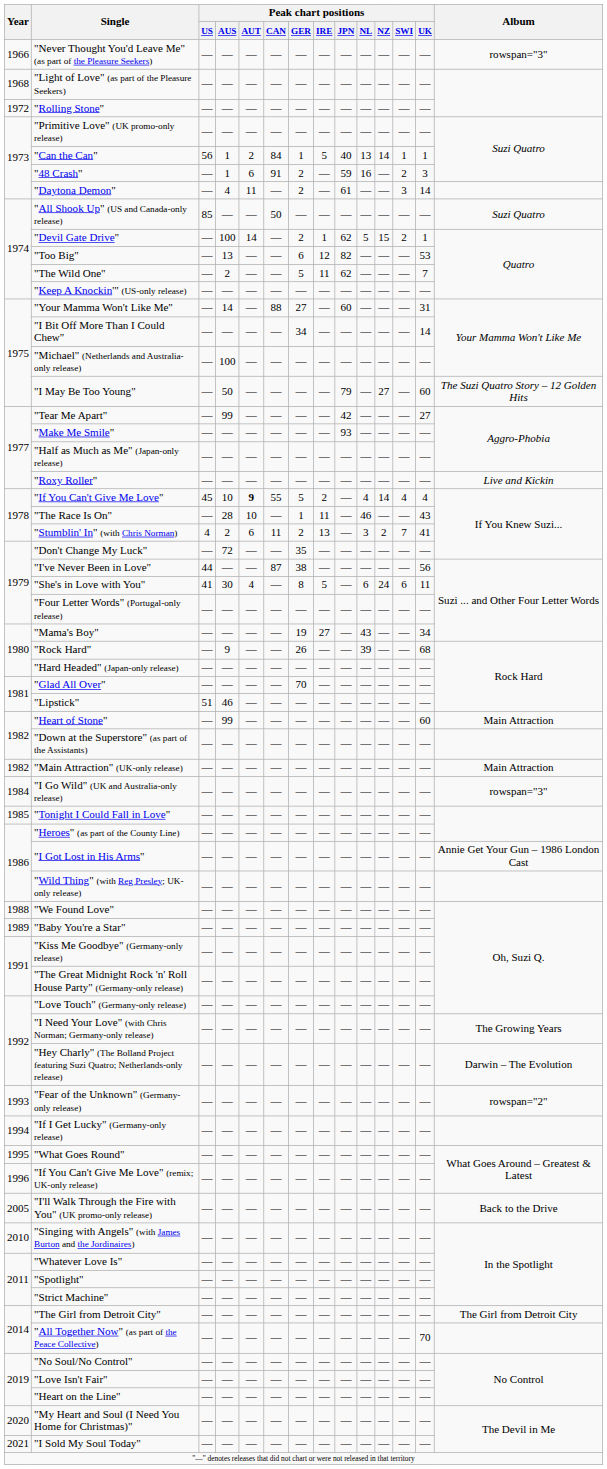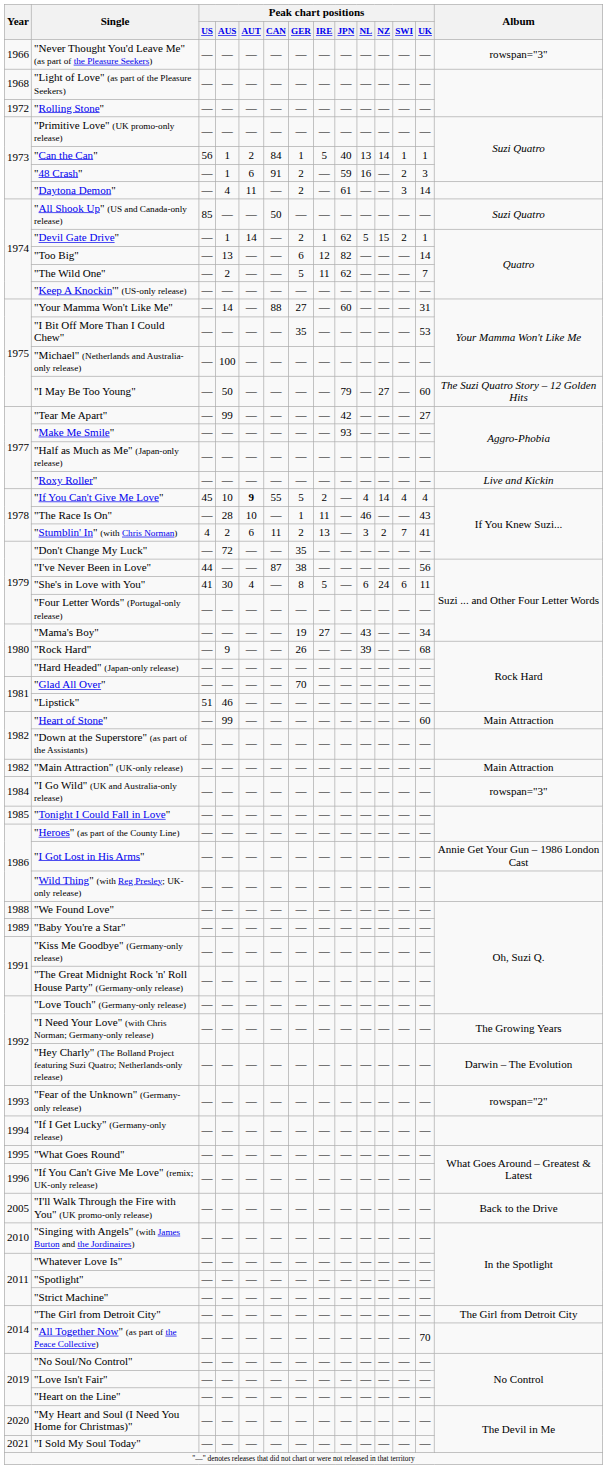 <table class="wikitable" style="text-align:center">
 <tr>
 <th rowspan="2">Year</th>
 <th rowspan="2" style="width:17em;">Single</th>
 <th colspan="11">Peak chart positions</th>
 <th rowspan="2" style="width:17em;">Album</th>
 </tr>
 <tr>
 <th><small><a href='#'>US</a></small><br></th>
 <th><small><a href='#'>AUS</a></small><br></th>
 <th><small><a href='#'>AUT</a></small><br></th>
 <th><small><a href='#'>CAN</a></small><br></th>
 <th><small><a href='#'>GER</a></small><br></th>
 <th><small><a href='#'>IRE</a></small><br></th>
 <th><small><a href='#'>JPN</a></small><br></th>
 <th><small><a href='#'>NL</a></small><br></th>
 <th><small><a href='#'>NZ</a></small><br></th>
 <th><small><a href='#'>SWI</a></small><br></th>
 <th><small><a href='#'>UK</a></small><br></th>
 </tr>
 <tr>
 <td>1966</td>
 <td align="left">"Never Thought You'd Leave Me" <small>(as part of <a href='#'>the Pleasure Seekers</a>)</small></td>
 <td>—</td>
 <td>—</td>
 <td>—</td>
 <td>—</td>
 <td>—</td>
 <td>—</td>
 <td>—</td>
 <td>—</td>
 <td>—</td>
 <td>—</td>
 <td>—</td>
 <td>rowspan="3" </td>
 </tr>
 <tr>
 <td>1968</td>
 <td align="left">"Light of Love" <small>(as part of the Pleasure Seekers)</small></td>
 <td>—</td>
 <td>—</td>
 <td>—</td>
 <td>—</td>
 <td>—</td>
 <td>—</td>
 <td>—</td>
 <td>—</td>
 <td>—</td>
 <td>—</td>
 <td>—</td>
 </tr>
 <tr>
 <td>1972</td>
 <td align="left">"<a href='#'>Rolling Stone</a>"</td>
 <td>—</td>
 <td>—</td>
 <td>—</td>
 <td>—</td>
 <td>—</td>
 <td>—</td>
 <td>—</td>
 <td>—</td>
 <td>—</td>
 <td>—</td>
 <td>—</td>
 </tr>
 <tr>
 <td rowspan="4">1973</td>
 <td align="left">"Primitive Love" <small>(UK promo-only release)</small></td>
 <td>—</td>
 <td>—</td>
 <td>—</td>
 <td>—</td>
 <td>—</td>
 <td>—</td>
 <td>—</td>
 <td>—</td>
 <td>—</td>
 <td>—</td>
 <td>—</td>
 <td rowspan="3"><em>Suzi Quatro</em></td>
 </tr>
 <tr>
 <td align="left">"<a href='#'>Can the Can</a>"</td>
 <td>56</td>
 <td>1</td>
 <td>2</td>
 <td>84</td>
 <td>1</td>
 <td>5</td>
 <td>40</td>
 <td>13</td>
 <td>14</td>
 <td>1</td>
 <td>1</td>
 </tr>
 <tr>
 <td align="left">"<a href='#'>48 Crash</a>"</td>
 <td>—</td>
 <td>1</td>
 <td>6</td>
 <td>91</td>
 <td>2</td>
 <td>—</td>
 <td>59</td>
 <td>16</td>
 <td>—</td>
 <td>2</td>
 <td>3</td>
 </tr>
 <tr>
 <td align="left">"<a href='#'>Daytona Demon</a>"</td>
 <td>—</td>
 <td>4</td>
 <td>11</td>
 <td>—</td>
 <td>2</td>
 <td>—</td>
 <td>61</td>
 <td>—</td>
 <td>—</td>
 <td>3</td>
 <td>14</td>
 <td></td>
 </tr>
 <tr>
 <td rowspan="5">1974</td>
 <td align="left">"<a href='#'>All Shook Up</a>" <small>(US and Canada-only release)</small></td>
 <td>85</td>
 <td>—</td>
 <td>—</td>
 <td>50</td>
 <td>—</td>
 <td>—</td>
 <td>—</td>
 <td>—</td>
 <td>—</td>
 <td>—</td>
 <td>—</td>
 <td><em>Suzi Quatro</em></td>
 </tr>
 <tr>
 <td align="left">"<a href='#'>Devil Gate Drive</a>"</td>
 <td>—</td>
-<td>100</td>
+<td>1</td>
 <td>14</td>
 <td>—</td>
 <td>2</td>
 <td>1</td>
 <td>62</td>
 <td>5</td>
 <td>15</td>
 <td>2</td>
 <td>1</td>
 <td rowspan="4"><em>Quatro</em></td>
 </tr>
 <tr>
 <td align="left">"Too Big"</td>
 <td>—</td>
 <td>13</td>
 <td>—</td>
 <td>—</td>
 <td>6</td>
 <td>12</td>
 <td>82</td>
 <td>—</td>
 <td>—</td>
 <td>—</td>
-<td>53</td>
+<td>14</td>
 </tr>
 <tr>
 <td align="left">"The Wild One"</td>
 <td>—</td>
 <td>2</td>
 <td>—</td>
 <td>—</td>
 <td>5</td>
 <td>11</td>
 <td>62</td>
 <td>—</td>
 <td>—</td>
 <td>—</td>
 <td>7</td>
 </tr>
 <tr>
 <td align="left">"<a href='#'>Keep A Knockin</a>'" <small>(US-only release)</small></td>
 <td>—</td>
 <td>—</td>
 <td>—</td>
 <td>—</td>
 <td>—</td>
 <td>—</td>
 <td>—</td>
 <td>—</td>
 <td>—</td>
 <td>—</td>
 <td>—</td>
 </tr>
 <tr>
 <td rowspan="4">1975</td>
 <td align="left">"Your Mamma Won't Like Me"</td>
 <td>—</td>
 <td>14</td>
 <td>—</td>
 <td>88</td>
 <td>27</td>
 <td>—</td>
 <td>60</td>
 <td>—</td>
 <td>—</td>
 <td>—</td>
 <td>31</td>
 <td rowspan="3"><em>Your Mamma Won't Like Me</em></td>
 </tr>
 <tr>
 <td align="left">"I Bit Off More Than I Could Chew"</td>
 <td>—</td>
 <td>—</td>
 <td>—</td>
 <td>—</td>
-<td>34</td>
+<td>35</td>
 <td>—</td>
 <td>—</td>
 <td>—</td>
 <td>—</td>
 <td>—</td>
-<td>14</td>
+<td>53</td>
 </tr>
 <tr>
 <td align="left">"Michael" <small>(Netherlands and Australia-only release)</small></td>
 <td>—</td>
 <td>100</td>
 <td>—</td>
 <td>—</td>
 <td>—</td>
 <td>—</td>
 <td>—</td>
 <td>—</td>
 <td>—</td>
 <td>—</td>
 <td>—</td>
 </tr>
 <tr>
 <td align="left">"I May Be Too Young"</td>
 <td>—</td>
 <td>50</td>
 <td>—</td>
 <td>—</td>
 <td>—</td>
 <td>—</td>
 <td>79</td>
 <td>—</td>
 <td>27</td>
 <td>—</td>
 <td>60</td>
 <td><em>The Suzi Quatro Story – 12 Golden Hits</em></td>
 </tr>
 <tr>
 <td rowspan="4">1977</td>
 <td align="left">"Tear Me Apart"</td>
 <td>—</td>
 <td>99</td>
 <td>—</td>
 <td>—</td>
 <td>—</td>
 <td>—</td>
 <td>42</td>
 <td>—</td>
 <td>—</td>
 <td>—</td>
 <td>27</td>
 <td rowspan="3"><em>Aggro-Phobia</em></td>
 </tr>
 <tr>
 <td align="left">"<a href='#'>Make Me Smile</a>"</td>
 <td>—</td>
 <td>—</td>
 <td>—</td>
 <td>—</td>
 <td>—</td>
 <td>—</td>
 <td>93</td>
 <td>—</td>
 <td>—</td>
 <td>—</td>
 <td>—</td>
 </tr>
 <tr>
 <td align="left">"Half as Much as Me" <small>(Japan-only release)</small></td>
 <td>—</td>
 <td>—</td>
 <td>—</td>
 <td>—</td>
 <td>—</td>
 <td>—</td>
 <td>—</td>
 <td>—</td>
 <td>—</td>
 <td>—</td>
 <td>—</td>
 </tr>
 <tr>
 <td align="left">"<a href='#'>Roxy Roller</a>"</td>
 <td>—</td>
 <td>—</td>
 <td>—</td>
 <td>—</td>
 <td>—</td>
 <td>—</td>
 <td>—</td>
 <td>—</td>
 <td>—</td>
 <td>—</td>
 <td>—</td>
 <td><em>Live and Kickin<strong></td>
 </tr>
 <tr>
 <td rowspan="3">1978</td>
 <td align="left">"<a href='#'>If You Can't Give Me Love</a>"</td>
 <td>45</td>
 <td>10</td>
 <td><strong>9</strong></td>
 <td>55</td>
 <td>5</td>
 <td>2</td>
 <td>—</td>
 <td>4</td>
 <td>14</td>
 <td>4</td>
 <td>4</td>
 <td rowspan="4"></em>If You Knew Suzi...<em></td>
 </tr>
 <tr>
 <td align="left">"The Race Is On"</td>
 <td>—</td>
 <td>28</td>
 <td>10</td>
 <td>—</td>
 <td>1</td>
 <td>11</td>
 <td>—</td>
 <td>46</td>
 <td>—</td>
 <td>—</td>
 <td>43</td>
 </tr>
 <tr>
 <td align="left">"<a href='#'>Stumblin' In</a>" <small>(with <a href='#'>Chris Norman</a>)</small></td>
 <td>4</td>
 <td>2</td>
 <td>6</td>
 <td>11</td>
 <td>2</td>
 <td>13</td>
 <td>—</td>
 <td>3</td>
 <td>2</td>
 <td>7</td>
 <td>41</td>
 </tr>
 <tr>
 <td rowspan="4">1979</td>
 <td align="left">"Don't Change My Luck"</td>
 <td>—</td>
 <td>72</td>
 <td>—</td>
 <td>—</td>
 <td>35</td>
 <td>—</td>
 <td>—</td>
 <td>—</td>
 <td>—</td>
 <td>—</td>
 <td>—</td>
 </tr>
 <tr>
 <td align="left">"I've Never Been in Love"</td>
 <td>44</td>
 <td>—</td>
 <td>—</td>
 <td>87</td>
 <td>38</td>
 <td>—</td>
 <td>—</td>
 <td>—</td>
 <td>—</td>
 <td>—</td>
 <td>56</td>
 <td rowspan="4"></em>Suzi ... and Other Four Letter Words<em></td>
 </tr>
 <tr>
 <td align="left">"She's in Love with You"</td>
 <td>41</td>
 <td>30</td>
 <td>4</td>
 <td>—</td>
 <td>8</td>
 <td>5</td>
 <td>—</td>
 <td>6</td>
 <td>24</td>
 <td>6</td>
 <td>11</td>
 </tr>
 <tr>
 <td align="left">"Four Letter Words" <small>(Portugal-only release)</small></td>
 <td>—</td>
 <td>—</td>
 <td>—</td>
 <td>—</td>
 <td>—</td>
 <td>—</td>
 <td>—</td>
 <td>—</td>
 <td>—</td>
 <td>—</td>
 <td>—</td>
 </tr>
 <tr>
 <td rowspan="3">1980</td>
 <td align="left">"Mama's Boy"</td>
 <td>—</td>
 <td>—</td>
 <td>—</td>
 <td>—</td>
 <td>19</td>
 <td>27</td>
 <td>—</td>
 <td>43</td>
 <td>—</td>
 <td>—</td>
 <td>34</td>
 </tr>
 <tr>
 <td align="left">"Rock Hard"</td>
 <td>—</td>
 <td>9</td>
 <td>—</td>
 <td>—</td>
 <td>26</td>
 <td>—</td>
 <td>—</td>
 <td>39</td>
 <td>—</td>
 <td>—</td>
 <td>68</td>
 <td rowspan="4"></em>Rock Hard<em></td>
 </tr>
 <tr>
 <td align="left">"Hard Headed" <small>(Japan-only release)</small></td>
 <td>—</td>
 <td>—</td>
 <td>—</td>
 <td>—</td>
 <td>—</td>
 <td>—</td>
 <td>—</td>
 <td>—</td>
 <td>—</td>
 <td>—</td>
 <td>—</td>
 </tr>
 <tr>
 <td rowspan="2">1981</td>
 <td align="left">"<a href='#'>Glad All Over</a>"</td>
 <td>—</td>
 <td>—</td>
 <td>—</td>
 <td>—</td>
 <td>70</td>
 <td>—</td>
 <td>—</td>
 <td>—</td>
 <td>—</td>
 <td>—</td>
 <td>—</td>
 </tr>
 <tr>
 <td align="left">"Lipstick"</td>
 <td>51</td>
 <td>46</td>
 <td>—</td>
 <td>—</td>
 <td>—</td>
 <td>—</td>
 <td>—</td>
 <td>—</td>
 <td>—</td>
 <td>—</td>
 <td>—</td>
 </tr>
 <tr>
 <td rowspan="2">1982</td>
 <td align="left">"<a href='#'>Heart of Stone</a>"</td>
 <td>—</td>
 <td>99</td>
 <td>—</td>
 <td>—</td>
 <td>—</td>
 <td>—</td>
 <td>—</td>
 <td>—</td>
 <td>—</td>
 <td>—</td>
 <td>60</td>
 <td></em>Main Attraction<em></td>
 </tr>
 <tr>
 <td align="left">"Down at the Superstore" <small>(as part of the Assistants)</small></td>
 <td>—</td>
 <td>—</td>
 <td>—</td>
 <td>—</td>
 <td>—</td>
 <td>—</td>
 <td>—</td>
 <td>—</td>
 <td>—</td>
 <td>—</td>
 <td>—</td>
 <td></td>
 </tr>
 <tr>
 <td>1982</td>
 <td align="left">"Main Attraction" <small>(UK-only release)</small></td>
 <td>—</td>
 <td>—</td>
 <td>—</td>
 <td>—</td>
 <td>—</td>
 <td>—</td>
 <td>—</td>
 <td>—</td>
 <td>—</td>
 <td>—</td>
 <td>—</td>
 <td></em>Main Attraction<em></td>
 </tr>
 <tr>
 <td>1984</td>
 <td align="left">"I Go Wild" <small>(UK and Australia-only release)</small></td>
 <td>—</td>
 <td>—</td>
 <td>—</td>
 <td>—</td>
 <td>—</td>
 <td>—</td>
 <td>—</td>
 <td>—</td>
 <td>—</td>
 <td>—</td>
 <td>—</td>
 <td>rowspan="3" </td>
 </tr>
 <tr>
 <td>1985</td>
 <td align="left">"<a href='#'>Tonight I Could Fall in Love</a>"</td>
 <td>—</td>
 <td>—</td>
 <td>—</td>
 <td>—</td>
 <td>—</td>
 <td>—</td>
 <td>—</td>
 <td>—</td>
 <td>—</td>
 <td>—</td>
 <td>—</td>
 </tr>
 <tr>
 <td rowspan="3">1986</td>
 <td align="left">"<a href='#'>Heroes</a>" <small>(as part of the County Line)</small></td>
 <td>—</td>
 <td>—</td>
 <td>—</td>
 <td>—</td>
 <td>—</td>
 <td>—</td>
 <td>—</td>
 <td>—</td>
 <td>—</td>
 <td>—</td>
 <td>—</td>
 </tr>
 <tr>
 <td align="left">"<a href='#'>I Got Lost in His Arms</a>"</td>
 <td>—</td>
 <td>—</td>
 <td>—</td>
 <td>—</td>
 <td>—</td>
 <td>—</td>
 <td>—</td>
 <td>—</td>
 <td>—</td>
 <td>—</td>
 <td>—</td>
 <td></em>Annie Get Your Gun – 1986 London Cast<em></td>
 </tr>
 <tr>
 <td align="left">"<a href='#'>Wild Thing</a>" <small>(with <a href='#'>Reg Presley</a>; UK-only release)</small></td>
 <td>—</td>
 <td>—</td>
 <td>—</td>
 <td>—</td>
 <td>—</td>
 <td>—</td>
 <td>—</td>
 <td>—</td>
 <td>—</td>
 <td>—</td>
 <td>—</td>
 <td></td>
 </tr>
 <tr>
 <td>1988</td>
 <td align="left">"We Found Love"</td>
 <td>—</td>
 <td>—</td>
 <td>—</td>
 <td>—</td>
 <td>—</td>
 <td>—</td>
 <td>—</td>
 <td>—</td>
 <td>—</td>
 <td>—</td>
 <td>—</td>
 <td rowspan="5"></em>Oh, Suzi Q.<em></td>
 </tr>
 <tr>
 <td>1989</td>
 <td align="left">"Baby You're a Star"</td>
 <td>—</td>
 <td>—</td>
 <td>—</td>
 <td>—</td>
 <td>—</td>
 <td>—</td>
 <td>—</td>
 <td>—</td>
 <td>—</td>
 <td>—</td>
 <td>—</td>
 </tr>
 <tr>
 <td rowspan="2">1991</td>
 <td align="left">"Kiss Me Goodbye" <small>(Germany-only release)</small></td>
 <td>—</td>
 <td>—</td>
 <td>—</td>
 <td>—</td>
 <td>—</td>
 <td>—</td>
 <td>—</td>
 <td>—</td>
 <td>—</td>
 <td>—</td>
 <td>—</td>
 </tr>
 <tr>
 <td align="left">"The Great Midnight Rock 'n' Roll House Party" <small>(Germany-only release)</small></td>
 <td>—</td>
 <td>—</td>
 <td>—</td>
 <td>—</td>
 <td>—</td>
 <td>—</td>
 <td>—</td>
 <td>—</td>
 <td>—</td>
 <td>—</td>
 <td>—</td>
 </tr>
 <tr>
 <td rowspan="3">1992</td>
 <td align="left">"Love Touch" <small>(Germany-only release)</small></td>
 <td>—</td>
 <td>—</td>
 <td>—</td>
 <td>—</td>
 <td>—</td>
 <td>—</td>
 <td>—</td>
 <td>—</td>
 <td>—</td>
 <td>—</td>
 <td>—</td>
 </tr>
 <tr>
 <td align="left">"I Need Your Love" <small>(with Chris Norman; Germany-only release)</small></td>
 <td>—</td>
 <td>—</td>
 <td>—</td>
 <td>—</td>
 <td>—</td>
 <td>—</td>
 <td>—</td>
 <td>—</td>
 <td>—</td>
 <td>—</td>
 <td>—</td>
 <td></em>The Growing Years<em></td>
 </tr>
 <tr>
 <td align="left">"Hey Charly" <small>(The Bolland Project featuring Suzi Quatro; Netherlands-only release)</small></td>
 <td>—</td>
 <td>—</td>
 <td>—</td>
 <td>—</td>
 <td>—</td>
 <td>—</td>
 <td>—</td>
 <td>—</td>
 <td>—</td>
 <td>—</td>
 <td>—</td>
 <td></em>Darwin – The Evolution<em></td>
 </tr>
 <tr>
 <td>1993</td>
 <td align="left">"Fear of the Unknown" <small>(Germany-only release)</small></td>
 <td>—</td>
 <td>—</td>
 <td>—</td>
 <td>—</td>
 <td>—</td>
 <td>—</td>
 <td>—</td>
 <td>—</td>
 <td>—</td>
 <td>—</td>
 <td>—</td>
 <td>rowspan="2" </td>
 </tr>
 <tr>
 <td>1994</td>
 <td align="left">"If I Get Lucky" <small>(Germany-only release)</small></td>
 <td>—</td>
 <td>—</td>
 <td>—</td>
 <td>—</td>
 <td>—</td>
 <td>—</td>
 <td>—</td>
 <td>—</td>
 <td>—</td>
 <td>—</td>
 <td>—</td>
 </tr>
 <tr>
 <td>1995</td>
 <td align="left">"What Goes Round"</td>
 <td>—</td>
 <td>—</td>
 <td>—</td>
 <td>—</td>
 <td>—</td>
 <td>—</td>
 <td>—</td>
 <td>—</td>
 <td>—</td>
 <td>—</td>
 <td>—</td>
 <td rowspan="2"></em>What Goes Around – Greatest & Latest<em></td>
 </tr>
 <tr>
 <td>1996</td>
 <td align="left">"If You Can't Give Me Love" <small>(remix; UK-only release)</small></td>
 <td>—</td>
 <td>—</td>
 <td>—</td>
 <td>—</td>
 <td>—</td>
 <td>—</td>
 <td>—</td>
 <td>—</td>
 <td>—</td>
 <td>—</td>
 <td>—</td>
 </tr>
 <tr>
 <td>2005</td>
 <td align="left">"I'll Walk Through the Fire with You" <small>(UK promo-only release)</small></td>
 <td>—</td>
 <td>—</td>
 <td>—</td>
 <td>—</td>
 <td>—</td>
 <td>—</td>
 <td>—</td>
 <td>—</td>
 <td>—</td>
 <td>—</td>
 <td>—</td>
 <td></em>Back to the Drive<em></td>
 </tr>
 <tr>
 <td>2010</td>
 <td align="left">"Singing with Angels" <small>(with <a href='#'>James Burton</a> and <a href='#'>the Jordinaires</a>)</small></td>
 <td>—</td>
 <td>—</td>
 <td>—</td>
 <td>—</td>
 <td>—</td>
 <td>—</td>
 <td>—</td>
 <td>—</td>
 <td>—</td>
 <td>—</td>
 <td>—</td>
 <td rowspan="4"></em>In the Spotlight<em></td>
 </tr>
 <tr>
 <td rowspan="3">2011</td>
 <td align="left">"Whatever Love Is"</td>
 <td>—</td>
 <td>—</td>
 <td>—</td>
 <td>—</td>
 <td>—</td>
 <td>—</td>
 <td>—</td>
 <td>—</td>
 <td>—</td>
 <td>—</td>
 <td>—</td>
 </tr>
 <tr>
 <td align="left">"Spotlight"</td>
 <td>—</td>
 <td>—</td>
 <td>—</td>
 <td>—</td>
 <td>—</td>
 <td>—</td>
 <td>—</td>
 <td>—</td>
 <td>—</td>
 <td>—</td>
 <td>—</td>
 </tr>
 <tr>
 <td align="left">"Strict Machine"</td>
 <td>—</td>
 <td>—</td>
 <td>—</td>
 <td>—</td>
 <td>—</td>
 <td>—</td>
 <td>—</td>
 <td>—</td>
 <td>—</td>
 <td>—</td>
 <td>—</td>
 </tr>
 <tr>
 <td rowspan="2">2014</td>
 <td align="left">"The Girl from Detroit City"</td>
 <td>—</td>
 <td>—</td>
 <td>—</td>
 <td>—</td>
 <td>—</td>
 <td>—</td>
 <td>—</td>
 <td>—</td>
 <td>—</td>
 <td>—</td>
 <td>—</td>
 <td></em>The Girl from Detroit City<em></td>
 </tr>
 <tr>
 <td align="left">"<a href='#'>All Together Now</a>" <small>(as part of <a href='#'>the Peace Collective</a>)</small></td>
 <td>—</td>
 <td>—</td>
 <td>—</td>
 <td>—</td>
 <td>—</td>
 <td>—</td>
 <td>—</td>
 <td>—</td>
 <td>—</td>
 <td>—</td>
 <td>70</td>
 <td></td>
 </tr>
 <tr>
 <td rowspan="3">2019</td>
 <td align="left">"No Soul/No Control"</td>
 <td>—</td>
 <td>—</td>
 <td>—</td>
 <td>—</td>
 <td>—</td>
 <td>—</td>
 <td>—</td>
 <td>—</td>
 <td>—</td>
 <td>—</td>
 <td>—</td>
 <td rowspan="3"></em>No Control<em></td>
 </tr>
 <tr>
 <td align="left">"Love Isn't Fair"</td>
 <td>—</td>
 <td>—</td>
 <td>—</td>
 <td>—</td>
 <td>—</td>
 <td>—</td>
 <td>—</td>
 <td>—</td>
 <td>—</td>
 <td>—</td>
 <td>—</td>
 </tr>
 <tr>
 <td align="left">"Heart on the Line"</td>
 <td>—</td>
 <td>—</td>
 <td>—</td>
 <td>—</td>
 <td>—</td>
 <td>—</td>
 <td>—</td>
 <td>—</td>
 <td>—</td>
 <td>—</td>
 <td>—</td>
 </tr>
 <tr>
 <td>2020</td>
 <td align="left">"My Heart and Soul (I Need You Home for Christmas)"</td>
 <td>—</td>
 <td>—</td>
 <td>—</td>
 <td>—</td>
 <td>—</td>
 <td>—</td>
 <td>—</td>
 <td>—</td>
 <td>—</td>
 <td>—</td>
 <td>—</td>
 <td rowspan="2"></em>The Devil in Me<em></td>
 </tr>
 <tr>
 <td>2021</td>
 <td align="left">"I Sold My Soul Today"</td>
 <td>—</td>
 <td>—</td>
 <td>—</td>
 <td>—</td>
 <td>—</td>
 <td>—</td>
 <td>—</td>
 <td>—</td>
 <td>—</td>
 <td>—</td>
 <td>—</td>
 </tr>
 <tr>
 <td colspan="14" style="font-size:8pt">"—" denotes releases that did not chart or were not released in that territory</td>
 </tr>
 </table>
